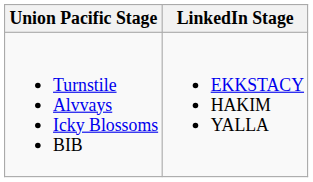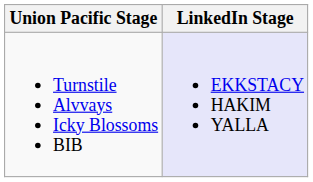 <table class="wikitable">
 <tr>
 <th>Union Pacific Stage</th>
 <th>LinkedIn Stage</th>
 </tr>
 <tr valign="top">
 <td><br><ul><li><a href='#'>Turnstile</a></li><li><a href='#'>Alvvays</a></li><li><a href='#'>Icky Blossoms</a></li><li>BIB</li></ul></td>
-<td><br><ul><li><a href='#'>EKKSTACY</a></li><li>HAKIM</li><li>YALLA</li></ul></td>
+<td style="background: lavender;"><br><ul><li><a href='#'>EKKSTACY</a></li><li>HAKIM</li><li>YALLA</li></ul></td>
 </tr>
 </table>
